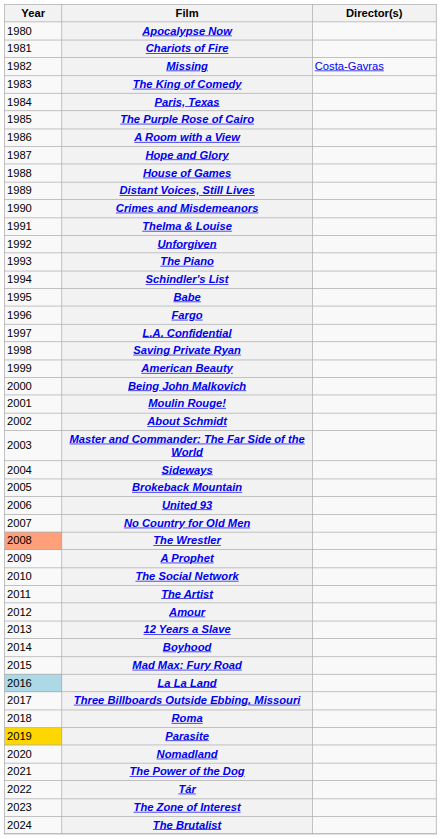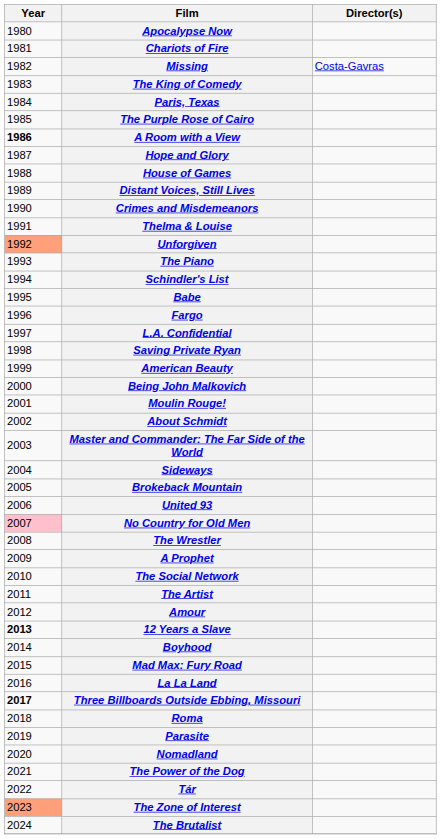 <table class="sortable wikitable plainrowheaders">
 <tr>
 <th scope="col" width=75>Year</th>
 <th scope="col" width=350>Film</th>
 <th scope="col" width=170>Director(s)</th>
 </tr>
 <tr>
 <td align=left>1980 </td>
 <th scope=row><em><a href='#'>Apocalypse Now</a></em></th>
 <td></td>
 </tr>
 <tr>
 <td align=left>1981 </td>
 <th scope=row><em><a href='#'>Chariots of Fire</a></em></th>
 <td></td>
 </tr>
 <tr>
 <td align=left>1982 </td>
 <th scope=row><em><a href='#'>Missing</a></em></th>
 <td><a href='#'>Costa-Gavras</a></td>
 </tr>
 <tr>
 <td align=left>1983 </td>
 <th scope=row><em><a href='#'>The King of Comedy</a></em></th>
 <td></td>
 </tr>
 <tr>
 <td align=left>1984 </td>
 <th scope=row><em><a href='#'>Paris, Texas</a></em></th>
 <td></td>
 </tr>
 <tr>
 <td align=left>1985 </td>
 <th scope=row><em><a href='#'>The Purple Rose of Cairo</a></em></th>
 <td></td>
 </tr>
 <tr>
-<td align=left>1986 </td>
+<td align=left><strong>1986 </strong></td>
 <th scope=row><em><a href='#'>A Room with a View</a></em></th>
 <td></td>
 </tr>
 <tr>
 <td align=left>1987 </td>
 <th scope=row><em><a href='#'>Hope and Glory</a></em></th>
 <td></td>
 </tr>
 <tr>
 <td align=left>1988 </td>
 <th scope=row><em><a href='#'>House of Games</a></em></th>
 <td></td>
 </tr>
 <tr>
 <td align=left>1989 </td>
 <th scope=row><em><a href='#'>Distant Voices, Still Lives</a></em></th>
 <td></td>
 </tr>
 <tr>
 <td align=left>1990 </td>
 <th scope=row><em><a href='#'>Crimes and Misdemeanors</a></em></th>
 <td> </td>
 </tr>
 <tr>
 <td align=left>1991 </td>
 <th scope=row><em><a href='#'>Thelma & Louise</a></em></th>
 <td></td>
 </tr>
 <tr>
-<td align=left>1992 </td>
+<td align=left style="background: lightsalmon;">1992 </td>
 <th scope=row><em><a href='#'>Unforgiven</a></em></th>
 <td></td>
 </tr>
 <tr>
 <td align=left>1993 </td>
 <th scope=row><em><a href='#'>The Piano</a></em></th>
 <td></td>
 </tr>
 <tr>
 <td align=left>1994 </td>
 <th scope=row><em><a href='#'>Schindler's List</a></em></th>
 <td></td>
 </tr>
 <tr>
 <td align=left>1995 </td>
 <th scope=row><em><a href='#'>Babe</a></em></th>
 <td></td>
 </tr>
 <tr>
 <td align=left>1996 </td>
 <th scope=row><em><a href='#'>Fargo</a></em></th>
 <td></td>
 </tr>
 <tr>
 <td align=left>1997 </td>
 <th scope=row><em><a href='#'>L.A. Confidential</a></em></th>
 <td></td>
 </tr>
 <tr>
 <td align=left>1998 </td>
 <th scope=row><em><a href='#'>Saving Private Ryan</a></em></th>
 <td> </td>
 </tr>
 <tr>
 <td align=left>1999 </td>
 <th scope=row><em><a href='#'>American Beauty</a></em></th>
 <td></td>
 </tr>
 <tr>
 <td align=left>2000 </td>
 <th scope=row><em><a href='#'>Being John Malkovich</a></em></th>
 <td></td>
 </tr>
 <tr>
 <td align=left>2001 </td>
 <th scope=row><em><a href='#'>Moulin Rouge!</a></em></th>
 <td></td>
 </tr>
 <tr>
 <td align=left>2002 </td>
 <th scope=row><em><a href='#'>About Schmidt</a></em></th>
 <td></td>
 </tr>
 <tr>
 <td align=left>2003 </td>
 <th scope=row><em><a href='#'>Master and Commander: The Far Side of the World</a></em></th>
 <td></td>
 </tr>
 <tr>
 <td align=left>2004 </td>
 <th scope=row><em><a href='#'>Sideways</a></em></th>
 <td> </td>
 </tr>
 <tr>
 <td align=left>2005 </td>
 <th scope=row><em><a href='#'>Brokeback Mountain</a></em></th>
 <td></td>
 </tr>
 <tr>
 <td align=left>2006 </td>
 <th scope=row><em><a href='#'>United 93</a></em></th>
 <td></td>
 </tr>
 <tr>
-<td align=left>2007 </td>
+<td align=left style="background: pink;">2007 </td>
 <th scope=row><em><a href='#'>No Country for Old Men</a></em></th>
 <td> </td>
 </tr>
 <tr>
-<td align=left style="background: lightsalmon;">2008 </td>
+<td align=left>2008 </td>
 <th scope=row><em><a href='#'>The Wrestler</a></em></th>
 <td></td>
 </tr>
 <tr>
 <td align=left>2009 </td>
 <th scope=row><em><a href='#'>A Prophet</a></em></th>
 <td></td>
 </tr>
 <tr>
 <td align=left>2010 </td>
 <th scope=row><em><a href='#'>The Social Network</a></em></th>
 <td></td>
 </tr>
 <tr>
 <td align=left>2011 </td>
 <th scope=row><em><a href='#'>The Artist</a></em></th>
 <td></td>
 </tr>
 <tr>
 <td align=left>2012 </td>
 <th scope=row><em><a href='#'>Amour</a></em></th>
 <td></td>
 </tr>
 <tr>
-<td align=left>2013 </td>
+<td align=left><strong>2013 </strong></td>
 <th scope=row><em><a href='#'>12 Years a Slave</a></em></th>
 <td></td>
 </tr>
 <tr>
 <td align=left>2014 </td>
 <th scope=row><em><a href='#'>Boyhood</a></em></th>
 <td></td>
 </tr>
 <tr>
 <td align=left>2015 </td>
 <th scope=row><em><a href='#'>Mad Max: Fury Road</a></em></th>
 <td></td>
 </tr>
 <tr>
-<td align=left style="background: lightblue;">2016 </td>
+<td align=left>2016 </td>
 <th scope=row><em><a href='#'>La La Land</a></em></th>
 <td></td>
 </tr>
 <tr>
-<td align=left>2017 </td>
+<td align=left><strong>2017 </strong></td>
 <th scope=row><em><a href='#'>Three Billboards Outside Ebbing, Missouri</a></em></th>
 <td></td>
 </tr>
 <tr>
 <td align=left>2018 </td>
 <th scope=row><em><a href='#'>Roma</a></em></th>
 <td></td>
 </tr>
 <tr>
-<td align=left style="background: gold;">2019 </td>
+<td align=left>2019 </td>
 <th scope=row><em><a href='#'>Parasite</a></em></th>
 <td></td>
 </tr>
 <tr>
 <td align=left>2020 </td>
 <th scope=row><em><a href='#'>Nomadland</a></em></th>
 <td></td>
 </tr>
 <tr>
 <td align=left>2021 </td>
 <th scope=row><em><a href='#'>The Power of the Dog</a></em></th>
 <td> </td>
 </tr>
 <tr>
 <td align=left>2022 </td>
 <th scope=row><em><a href='#'>Tár</a></em></th>
 <td></td>
 </tr>
 <tr>
-<td align=left>2023 </td>
+<td align=left style="background: lightsalmon;">2023 </td>
 <th scope=row><em><a href='#'>The Zone of Interest</a></em></th>
 <td></td>
 </tr>
 <tr>
 <td align=left>2024 </td>
 <th scope="row"><em><a href='#'>The Brutalist</a></em></th>
 <td></td>
 </tr>
 <tr>
 </tr>
 </table>
